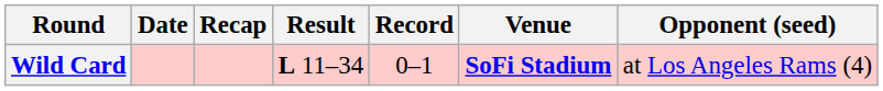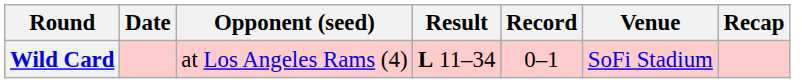 <table class="wikitable" style="text-align:center">
 <tr>
 <th>Round</th>
 <th>Date</th>
-<th>Recap</th>
+<th>Opponent (seed)</th>
 <th>Result</th>
 <th>Record</th>
 <th>Venue</th>
-<th>Opponent (seed)</th>
+<th>Recap</th>
 </tr>
 <tr style="background:#fcc">
 <th><a href='#'>Wild Card</a></th>
 <td></td>
-<td></td>
+<td>at <a href='#'>Los Angeles Rams</a> (4)</td>
 <td><strong>L</strong> 11–34</td>
 <td>0–1</td>
-<td><strong><a href='#'>SoFi Stadium</a></strong></td>
-<td>at <a href='#'>Los Angeles Rams</a> (4)</td>
+<td><a href='#'>SoFi Stadium</a></td>
+<td></td>
 </tr>
 </table>
